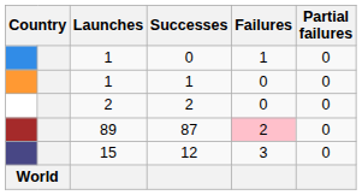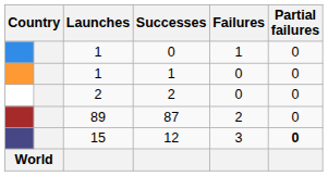 <table class="wikitable sortable" style="text-align:center;">
 <tr>
 <th colspan=2>Country</th>
 <th>Launches</th>
 <th>Successes</th>
 <th>Failures</th>
 <th>Partial <br> failures</th>
 </tr>
 <tr>
 <th scope=row style="background:#318ce7;"></th>
 <th style="text-align:left;"></th>
 <td>1</td>
 <td>0</td>
 <td>1</td>
 <td>0</td>
 </tr>
 <tr>
 <th scope=row style="background:#ff9933;"></th>
 <th style="text-align:left;"></th>
 <td>1</td>
 <td>1</td>
 <td>0</td>
 <td>0</td>
 </tr>
 <tr>
 <th scope=row style="background:#ffffff;"></th>
 <th style="text-align:left;"></th>
 <td>2</td>
 <td>2</td>
 <td>0</td>
 <td>0</td>
 </tr>
 <tr>
 <th scope=row style="background:#a52a2a;"></th>
 <th style="text-align:left;"></th>
 <td>89</td>
 <td>87</td>
-<td style="background: pink;">2</td>
+<td>2</td>
 <td>0</td>
 </tr>
 <tr>
 <th scope=row style="background:#484785;"></th>
 <th style="text-align:left;"></th>
 <td>15</td>
 <td>12</td>
 <td>3</td>
-<td>0</td>
+<td><strong>0</strong></td>
 </tr>
 <tr class="sortbottom">
 <th colspan="2">World</th>
 <th></th>
 <th></th>
 <th></th>
 <th></th>
 </tr>
 </table>
